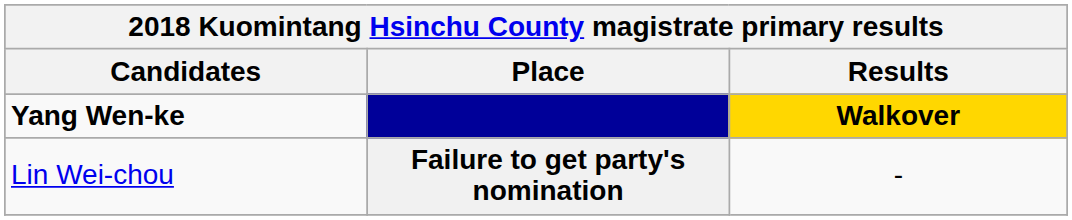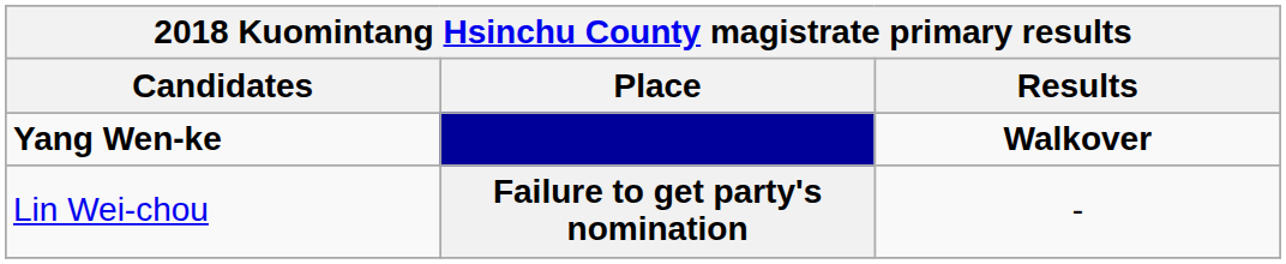 <table class="wikitable collapsible" style="margin:1em auto;">
 <tr>
 <th colspan="5" width=600>2018 Kuomintang <a href='#'>Hsinchu County</a> magistrate primary results</th>
 </tr>
 <tr>
 <th width=80>Candidates</th>
 <th width=80>Place</th>
 <th width=80>Results</th>
 </tr>
 <tr>
 <td><strong>Yang Wen-ke</strong></td>
 <td style="background: #000099; text-align:center"><strong></strong></td>
-<td style="background: gold; text-align:center"><strong>Walkover</strong></td>
+<td style="text-align:center"><strong>Walkover</strong></td>
 </tr>
 <tr>
 <td><a href='#'>Lin Wei-chou</a></td>
 <td style="background: #f1f1f1; text-align:center"><strong>Failure to get party's nomination</strong></td>
 <td style="text-align:center">-</td>
 </tr>
 </table>
